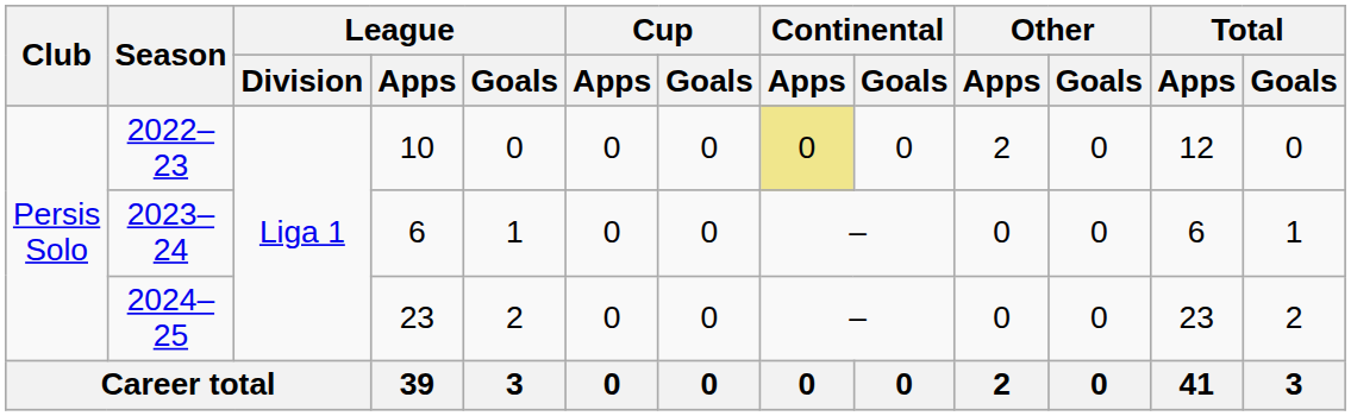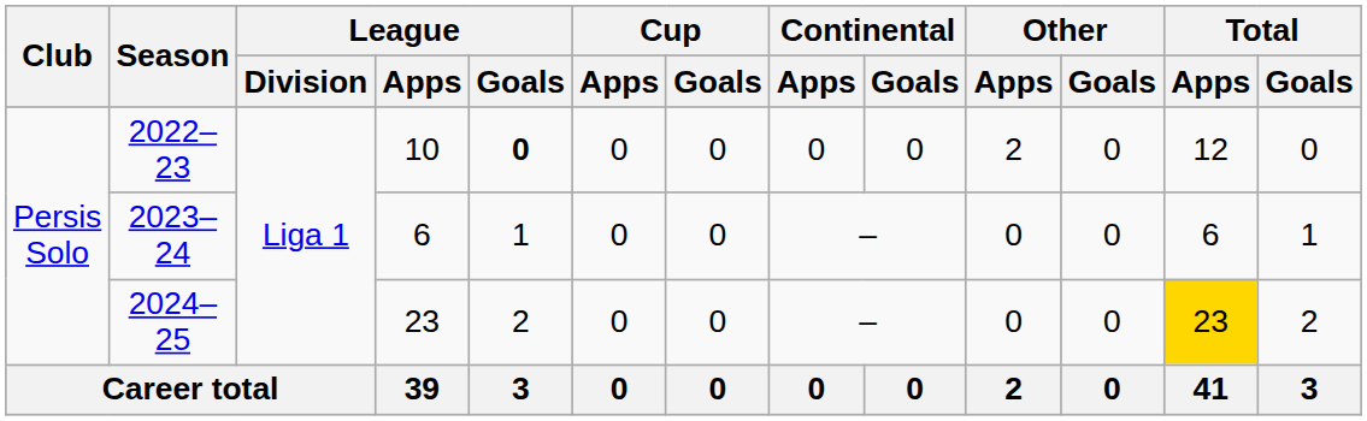 <table class="wikitable" style="text-align:center">
 <tr>
 <th rowspan="2">Club</th>
 <th rowspan="2">Season</th>
 <th colspan="3">League</th>
 <th colspan="2">Cup</th>
 <th colspan="2">Continental</th>
 <th colspan="2">Other</th>
 <th colspan="2">Total</th>
 </tr>
 <tr>
 <th>Division</th>
 <th>Apps</th>
 <th>Goals</th>
 <th>Apps</th>
 <th>Goals</th>
 <th>Apps</th>
 <th>Goals</th>
 <th>Apps</th>
 <th>Goals</th>
 <th>Apps</th>
 <th>Goals</th>
 </tr>
 <tr>
 <td rowspan="3"><a href='#'>Persis Solo</a></td>
 <td><a href='#'>2022–23</a></td>
 <td rowspan="3"><a href='#'>Liga 1</a></td>
 <td>10</td>
+<td><strong>0</strong></td>
 <td>0</td>
 <td>0</td>
 <td>0</td>
-<td style="background: khaki;">0</td>
 <td>0</td>
 <td>2</td>
 <td>0</td>
 <td>12</td>
 <td>0</td>
 </tr>
 <tr>
 <td><a href='#'>2023–24</a></td>
 <td>6</td>
 <td>1</td>
 <td>0</td>
 <td>0</td>
 <td colspan="2">–</td>
 <td>0</td>
 <td>0</td>
 <td>6</td>
 <td>1</td>
 </tr>
 <tr>
 <td><a href='#'>2024–25</a></td>
 <td>23</td>
 <td>2</td>
 <td>0</td>
 <td>0</td>
 <td colspan="2">–</td>
 <td>0</td>
 <td>0</td>
-<td>23</td>
+<td style="background: gold;">23</td>
 <td>2</td>
 </tr>
 <tr>
 <th colspan="3">Career total</th>
 <th>39</th>
 <th>3</th>
 <th>0</th>
 <th>0</th>
 <th>0</th>
 <th>0</th>
 <th>2</th>
 <th>0</th>
 <th>41</th>
 <th>3</th>
 </tr>
 </table>
